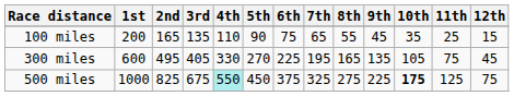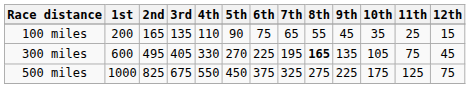 <table class="wikitable" style="text-align:center">
 <tr>
 <th>Race distance</th>
 <th>1st</th>
 <th>2nd</th>
 <th>3rd</th>
 <th>4th</th>
 <th>5th</th>
 <th>6th</th>
 <th>7th</th>
 <th>8th</th>
 <th>9th</th>
 <th>10th</th>
 <th>11th</th>
 <th>12th</th>
 </tr>
 <tr>
 </tr>
 <tr>
 <td>100 miles</td>
 <td>200</td>
 <td>165</td>
 <td>135</td>
 <td>110</td>
 <td>90</td>
 <td>75</td>
 <td>65</td>
 <td>55</td>
 <td>45</td>
 <td>35</td>
 <td>25</td>
 <td>15</td>
 </tr>
 <tr>
 <td>300 miles</td>
 <td>600</td>
 <td>495</td>
 <td>405</td>
 <td>330</td>
 <td>270</td>
 <td>225</td>
 <td>195</td>
-<td>165</td>
+<td><strong>165</strong></td>
 <td>135</td>
 <td>105</td>
 <td>75</td>
 <td>45</td>
 </tr>
 <tr>
 <td>500 miles</td>
 <td>1000</td>
 <td>825</td>
 <td>675</td>
-<td style="background: paleturquoise;">550</td>
+<td>550</td>
 <td>450</td>
 <td>375</td>
 <td>325</td>
 <td>275</td>
 <td>225</td>
-<td><strong>175</strong></td>
+<td>175</td>
 <td>125</td>
 <td>75</td>
 </tr>
 <tr>
 </tr>
 </table>
